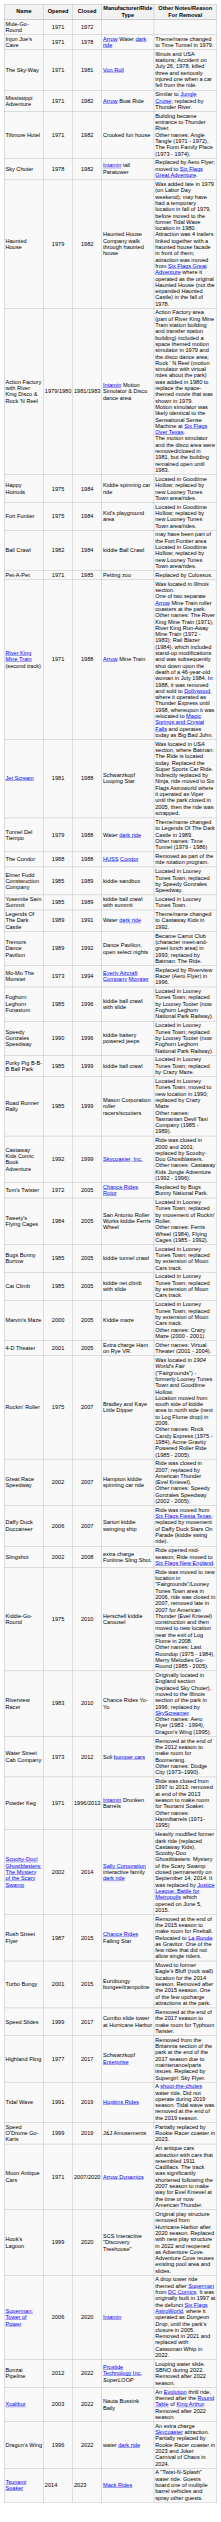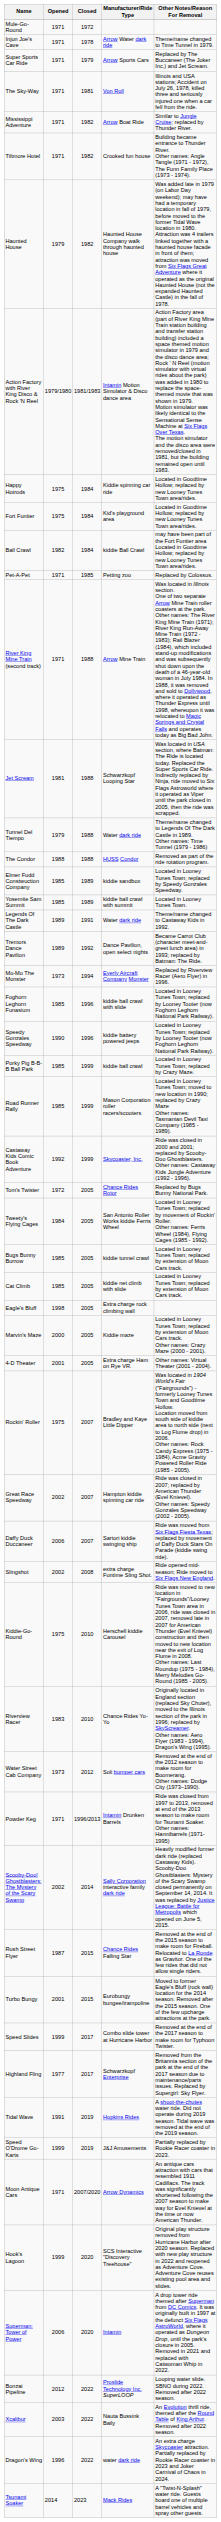 <table class='wikitable sortable'>
 <tr>
 <th>Name</th>
 <th width=50>Opened</th>
 <th width=50>Closed</th>
 <th>Manufacturer/Ride Type</th>
 <th>Other Notes/Reason For Removal</th>
 </tr>
 <tr>
 </tr>
 <tr>
 <td>Mule-Go-Round</td>
 <td align=center>1971</td>
 <td align=center>1972</td>
 <td></td>
 <td></td>
 </tr>
 <tr>
 <td>Injun Joe's Cave</td>
 <td align=center>1971</td>
 <td align=center>1978</td>
 <td><a href='#'>Arrow</a> Water <a href='#'>dark ride</a></td>
 <td>Theme/name changed to Time Tunnel in 1979.</td>
 </tr>
 <tr>
+<td>Super Sports Car Ride</td>
+<td align=center>1971</td>
+<td align=center>1979</td>
+<td><a href='#'>Arrow</a> Sports Cars</td>
+<td>Replaced by The Buccaneer (The Joker Inc.) and Jet Scream.</td>
+</tr>
+<tr>
 <td>The Sky-Way</td>
 <td align=center>1971</td>
 <td align=center>1981</td>
 <td><a href='#'>Von Roll</a></td>
 <td>Illinois and USA stations; Accident on July 26, 1978, killed three and seriously injured one when a car fell from the ride.</td>
 </tr>
 <tr>
 <td>Mississippi Adventure</td>
 <td align=center>1971</td>
 <td align=center>1982</td>
 <td><a href='#'>Arrow</a> Boat Ride</td>
 <td>Similar to <a href='#'>Jungle Cruise</a>; replaced by Thunder River.</td>
 </tr>
 <tr>
 <td>Tiltmore Hotel</td>
 <td align=center>1971</td>
 <td align=center>1982</td>
 <td>Crooked fun house</td>
 <td>Building became entrance to Thunder River.<br>Other names: Angle Tangle (1971 - 1972), The Funn Family Place (1973 - 1974).</td>
-</tr>
-<tr>
-<td>Sky Chuter</td>
-<td align=center>1978</td>
-<td align=center>1982</td>
-<td><a href='#'>Intamin</a>  tall Paratower</td>
-<td>Replaced by Aero Flyer; moved to <a href='#'>Six Flags Great Adventure</a>.</td>
 </tr>
 <tr>
 <td>Haunted House</td>
 <td align=center>1979</td>
 <td align=center>1982</td>
 <td>Haunted House Company walk through haunted house</td>
 <td>Was added late in 1979 (on Labor Day weekend); may have had a temporary location in fall of 1979, before moved to the former Tidal Wave location in 1980.<br>Attraction was 4 trailers linked together with a haunted house facade in front of them; attraction was moved from <a href='#'>Six Flags Great Adventure</a> where it operated as the original Haunted House (not the expanded Haunted Castle) in the fall of 1978.</td>
 </tr>
 <tr>
 <td>Action Factory with River King Disco & Rock 'N Reel</td>
 <td align=center>1979/1980</td>
 <td align=center>1981/1983</td>
 <td><a href='#'>Intamin</a> Motion Simulator & Disco dance area</td>
 <td>Action Factory area (part of River King Mine Train station building and transfer station building) included a space themed motion simulator in 1979 and the disco dance area; Rock ' N Reel (motion simulator with virtual rides about the park) was added in 1980 to replace the space-themed movie that was shown in 1979.<br>Motion simulator was likely identical to the Sensational Sense Machine at <a href='#'>Six Flags Over Texas</a>.<br>The motion simulator and the disco area were removed/closed in 1981, but the building remained open until 1983.</td>
 </tr>
 <tr>
 <td>Happy Hotrods</td>
 <td align=center>1975</td>
 <td align=center>1984</td>
 <td>Kiddie spinning car ride</td>
 <td>Located in Goodtime Hollow; replaced by new Looney Tunes Town area/rides.</td>
 </tr>
 <tr>
 <td>Fort Funtier</td>
 <td align=center>1975</td>
 <td align=center>1984</td>
 <td>Kid's playground area</td>
 <td>Located in Goodtime Hollow; replaced by new Looney Tunes Town area/rides.</td>
 </tr>
 <tr>
 <td>Ball Crawl</td>
 <td align=center>1982</td>
 <td align=center>1984</td>
 <td>kiddie Ball Crawl</td>
 <td>may have been part of the Fort Funtier area<br>Located in Goodtime Hollow; replaced by new Looney Tunes Town area/rides.</td>
 </tr>
 <tr>
 <td>Pet-A-Pet</td>
 <td align=center>1971</td>
 <td align=center>1985</td>
 <td>Petting zoo</td>
 <td>Replaced by Colossus.</td>
 </tr>
 <tr>
 <td><a href='#'>River King Mine Train</a> (second track)</td>
 <td align=center>1971</td>
 <td align=center>1988</td>
 <td><a href='#'>Arrow</a> Mine Train</td>
 <td>Was located in <em>Illinois</em> section.<br>One of two separate <a href='#'>Arrow</a> Mine Train roller coasters at the park.<br>Other names: The River King Mine Train (1971); River King Run-Away Mine Train (1972 - 1983); Rail Blazer (1984), which included stand-up modifications and was subsequently shut down upon the death of a 46-year-old woman in July 1984. In 1988, it was removed and sold to <a href='#'>Dollywood</a>, where it operated as Thunder Express until 1998, whereupon it was relocated to <a href='#'>Magic Springs and Crystal Falls</a> and operates today as Big Bad John.</td>
 </tr>
 <tr>
 <td><a href='#'>Jet Scream</a></td>
 <td align=center>1981</td>
 <td align=center>1988</td>
 <td>Schwarzkopf Looping Star</td>
 <td>Was located in <em>USA</em> section, where Batman: The Ride is located today. Replaced the Super Sports Car Ride. Indirectly replaced by Ninja, ride moved to Six Flags Astroworld where it operated as Viper until the park closed in 2005, then the ride was scrapped.</td>
 </tr>
 <tr>
 <td>Tunnel Del Tiempo</td>
 <td align=center>1979</td>
 <td align=center>1988</td>
 <td>Water <a href='#'>dark ride</a></td>
 <td>Theme/name changed to Legends Of The Dark Castle in 1989.<br>Other names: Time Tunnel (1979 - 1986)</td>
 </tr>
 <tr>
 <td>The Condor</td>
 <td align=center>1988</td>
 <td align=center>1988</td>
 <td><a href='#'>HUSS</a> <a href='#'>Condor</a></td>
 <td>Removed as part of the ride rotation program.</td>
 </tr>
 <tr>
 <td>Elmer Fudd Constwuction Company</td>
 <td align=center>1985</td>
 <td align=center>1989</td>
 <td>kiddie sandbox</td>
 <td>Located in Looney Tunes Town; replaced by Speedy Gonzales Speedway.</td>
 </tr>
 <tr>
 <td>Yosemite Sam Summit</td>
 <td align=center>1985</td>
 <td align=center>1989</td>
 <td>kiddie ball crawl with summit</td>
 <td>Located in Looney Tunes Town.</td>
 </tr>
 <tr>
 <td>Legends Of The Dark Castle</td>
 <td align=center>1989</td>
 <td align=center>1991</td>
 <td>Water <a href='#'>dark ride</a></td>
 <td>Theme/name changed to Castaway Kids in 1992.</td>
 </tr>
 <tr>
 <td>Tremors Dance Pavilion</td>
 <td align=center>1989</td>
 <td align=center>1992</td>
 <td>Dance Pavilion, open select nights</td>
 <td>Became Carrot Club (character meet-and-greet lunch area) in 1993; replaced by Batman: The Ride.</td>
 </tr>
 <tr>
 <td>Mo-Mo The Monster</td>
 <td align=center>1973</td>
 <td align=center>1994</td>
 <td><a href='#'>Eyerly Aircraft Company</a> <a href='#'>Monster</a></td>
 <td>Replaced by Riverview Racer (Aero Flyer) in 1996.</td>
 </tr>
 <tr>
 <td>Foghorn Leghorn Funasium</td>
 <td align=center>1985</td>
 <td align=center>1996</td>
 <td>kiddie ball crawl with slide</td>
 <td>Located in Looney Tunes Town; replaced by Looney Tooter (now Foghorn Leghorn National Park Railway).</td>
 </tr>
 <tr>
 <td>Speedy Gonzales Speedway</td>
 <td align=center>1990</td>
 <td align=center>1996</td>
 <td>kiddie battery powered jeeps</td>
 <td>Located in Looney Tunes Town; replaced by Looney Tooter (now Foghorn Leghorn National Park Railway).</td>
 </tr>
 <tr>
 <td>Porky Pig B-B-B Ball Park</td>
 <td align=center>1985</td>
 <td align=center>1999</td>
 <td>kiddie ball crawl</td>
 <td>Located in Looney Tunes Town; replaced by Crazy Maze.</td>
 </tr>
 <tr>
 <td>Road Runner Rally</td>
 <td align=center>1985</td>
 <td align=center>1999</td>
 <td>Mason Corporation roller racers/scooters</td>
 <td>Located in Looney Tunes Town; moved to new location in 1990; replaced by Crazy Maze<br>Other names: Tasmanian Devil Taxi Company (1985 - 1989).</td>
 </tr>
 <tr>
 <td>Castaway Kids Comic Book Adventure</td>
 <td align=center>1992</td>
 <td align=center>1999</td>
 <td><a href='#'>Skycoaster, Inc.</a></td>
 <td>Ride was closed in 2000 and 2001; replaced by Scooby-Doo Ghostblasters.<br>Other names: Castaway Kids Jungle Adventure (1992 - 1996).</td>
 </tr>
 <tr>
 <td>Tom's Twister</td>
 <td align=center>1972</td>
 <td align=center>2005</td>
 <td><a href='#'>Chance Rides</a> <a href='#'>Rotor</a></td>
 <td>Replaced by Bugs Bunny National Park.</td>
 </tr>
 <tr>
 <td>Tweety's Flying Cages</td>
 <td align=center>1984</td>
 <td align=center>2005</td>
 <td>San Antonio Roller Works kiddie Ferris Wheel</td>
 <td>Located in Looney Tunes Town; replaced by movement of Rockin' Roller.<br>Other names: Ferris Wheel (1984), Flying Cages (1985 - 1992).</td>
 </tr>
 <tr>
 <td>Bugs Bunny Burrow</td>
 <td align=center>1985</td>
 <td align=center>2005</td>
 <td>kiddie tunnel crawl</td>
 <td>Located in Looney Tunes Town; replaced by extension of Moon Cars track.</td>
 </tr>
 <tr>
 <td>Cat Climb</td>
 <td align=center>1985</td>
 <td align=center>2005</td>
 <td>kiddie net climb with slide</td>
 <td>Located in Looney Tunes Town; replaced by extension of Moon Cars track.</td>
 </tr>
 <tr>
+<td>Eagle's Bluff</td>
+<td align=center>1998</td>
+<td align=center>2005</td>
+<td>Extra charge rock climbing wall</td>
+<td></td>
+</tr>
+<tr>
 <td>Marvin's Maze</td>
 <td align=center>2000</td>
 <td align=center>2005</td>
 <td>Kiddie maze</td>
 <td>Located in Looney Tunes Town; replaced by extension of Moon Cars track.<br>Other names: Crazy Maze (2000 - 2001).</td>
 </tr>
 <tr>
 <td>4-D Theater</td>
 <td align=center>2001</td>
 <td align=center>2005</td>
 <td>Extra charge Ham on Rye VR.</td>
 <td>Other names: Virtual Theater (2001 - 2004).</td>
 </tr>
 <tr>
 <td>Rockin' Roller</td>
 <td align=center>1975</td>
 <td align=center>2007</td>
 <td>Bradley and Kaye Little Dipper</td>
 <td>Was located in <em>1904 World's Fair</em> ("Fairgrounds") - formerly Looney Tunes Town and Goodtime Hollow.<br>Location moved from south side of kiddie area to north side (next to Log Flume drop) in 2006.<br>Other names: Rock Candy Express (1975 - 1984), Acme Gravity Powered Roller Ride (1985 - 2005).</td>
 </tr>
 <tr>
 <td>Great Race Speedway</td>
 <td align=center>2002</td>
 <td align=center>2007</td>
 <td>Hampton kiddie spinning car ride</td>
 <td>Ride was closed in 2007; replaced by American Thunder (Evel Knievel).<br>Other names: Speedy Gonzales Speedway (2002 - 2005).</td>
 </tr>
 <tr>
 <td>Daffy Duck Duccaneer</td>
 <td align=center>2006</td>
 <td align=center>2007</td>
 <td>Sartori kiddie swinging ship</td>
 <td>Ride was moved from <a href='#'>Six Flags Fiesta Texas</a>; replaced by movement of Daffy Duck Stars On Parade (kiddie swing ride).</td>
 </tr>
 <tr>
 <td>Slingshot</td>
 <td align=center>2002</td>
 <td align=center>2008</td>
 <td>extra charge Funtime Sling Shot.</td>
 <td>Ride opened mid-season; Ride moved to <a href='#'>Six Flags New England</a>.</td>
 </tr>
 <tr>
 <td>Kiddie-Go-Round</td>
 <td align=center>1975</td>
 <td align=center>2010</td>
 <td>Herschell kiddie Carousel</td>
 <td>Ride was moved to new location in "Fairgrounds"/Looney Tunes Town area in 2006, ride was closed in 2007, removed late in 2007 for American Thunder (Evel Knievel) construction and then moved to new location near the exit of Log Flume in 2008.<br>Other names: Last Roundup (1975 - 1984), Merry Melodies Go-Round (1985 - 2005).</td>
 </tr>
 <tr>
 <td>Riverview Racer</td>
 <td align=center>1983</td>
 <td align=center>2010</td>
 <td>Chance Rides Yo-Yo</td>
 <td>Originally located in England section (replaced Sky Chuter), moved to the Illinois section of the park in 1996; replaced by <a href='#'>SkyScreamer</a>.<br>Other names: Aero Flyer (1983 - 1994), Dragon's Wing (1995).</td>
 </tr>
 <tr>
 <td>Water Street Cab Company</td>
 <td align=center>1973</td>
 <td align=center>2012</td>
 <td>Soli <a href='#'>bumper cars</a></td>
 <td>Removed at the end of the 2012 season to make room for Boomerang.<br>Other names: Dodge City (1973–1990).</td>
 </tr>
 <tr>
 <td>Powder Keg</td>
 <td align=center>1971</td>
 <td align=center>1996/2013</td>
 <td><a href='#'>Intamin</a> Drunken Barrels</td>
 <td>Ride was closed from 1997 to 2013, removed at end of the 2013 season to make room for Tsunami Soaker.<br>Other names: Hannibarrels (1971-1995)</td>
 </tr>
 <tr>
 <td><a href='#'>Scooby-Doo! Ghostblasters: The Mystery of the Scary Swamp</a></td>
 <td align=center>2002</td>
 <td align=center>2014</td>
 <td><a href='#'>Sally Corporation</a> interactive family <a href='#'>dark ride</a></td>
 <td>Heavily modified former dark ride (replaced Castaway Kids). Scooby-Doo Ghostblasters: Mystery of the Scary Swamp closed permanently on September 14, 2014. It was replaced by <a href='#'>Justice League: Battle for Metropolis</a> which opened on June 5, 2015.</td>
 </tr>
 <tr>
 <td>Rush Street Flyer</td>
 <td align=center>1987</td>
 <td align=center>2015</td>
 <td><a href='#'>Chance Rides</a> Falling Star</td>
 <td>Removed at the end of the 2015 season to make room for Fireball. Relocated to <a href='#'>La Ronde</a> as Gravitor. One of the few rides that did not allow single riders.</td>
 </tr>
 <tr>
 <td>Turbo Bungy</td>
 <td align=center>2001</td>
 <td align=center>2015</td>
 <td>Eurobungy bungee/trampoline</td>
 <td>Moved to former Eagle's Bluff (rock wall) location for the 2014 season. Removed after the 2015 season. One of the few upcharge attractions at the park.</td>
 </tr>
 <tr>
 <td>Speed Slides</td>
 <td align=center>1999</td>
 <td align=center>2017</td>
 <td>Combo slide tower at Hurricane Harbor</td>
 <td>Removed at the end of the 2017 season to make room for Typhoon Twister.</td>
 </tr>
 <tr>
 <td>Highland Fling</td>
 <td align=center>1977</td>
 <td align=center>2017</td>
 <td>Schwarzkopf <a href='#'>Enterprise</a></td>
 <td>Removed from the Britannia section of the park at the end of the 2017 season due to maintenance/parts issues. Replaced by Supergirl: Sky Flyer.</td>
 </tr>
 <tr>
 <td>Tidal Wave</td>
 <td align=center>1991</td>
 <td align=center>2019</td>
 <td><a href='#'>Hopkins Rides</a></td>
 <td>A <a href='#'>shoot-the-chutes</a> water ride.  Did not operate during 2019 season.  Tidal wave was removed at the end of the 2019 season.</td>
 </tr>
 <tr>
 <td>Speed O'Drome Go-Karts</td>
 <td align=center>1999</td>
 <td align=center>2019</td>
 <td>J&J Amusements</td>
 <td>Partially replaced by Rookie Racer coaster in 2023.</td>
 </tr>
 <tr>
 <td>Moon Antique Cars</td>
 <td align=center>1971</td>
 <td align=center>2007/2020</td>
 <td><a href='#'>Arrow Dynamics</a></td>
 <td>An antique cars attraction with cars that resembled 1911 Cadillacs. The track was significantly shortened following the 2007 season to make way for Evel Knievel at the time or now American Thunder.</td>
 </tr>
 <tr>
 <td>Hook's Lagoon</td>
 <td align=center>1999</td>
 <td align=center>2020</td>
 <td>SCS Interactive "Discovery Treehouse"</td>
 <td>Original play structure removed from Hurricane Harbor after 2020 season.  Replaced with new play structure in 2022 and reopened as Adventure Cove.  Adventure Cove reuses existing pool area and slides.</td>
 </tr>
 <tr>
 <td><a href='#'>Superman: Tower of Power</a></td>
 <td align=center>2006</td>
 <td align=center>2020</td>
 <td><a href='#'>Intamin</a></td>
 <td>A drop tower ride themed after <a href='#'>Superman</a> from <a href='#'>DC Comics</a>. It was originally built in 1997 at the defunct <a href='#'>Six Flags AstroWorld</a>, where it operated as <em>Dungeon Drop</em>, until the park's closure in 2005.  Removed in 2021 and replaced with Catwoman Whip in 2022.</td>
 </tr>
 <tr>
 <td>Bonzai Pipeline</td>
 <td align=center>2012</td>
 <td align=center>2022</td>
 <td><a href='#'>Proslide Technology Inc.</a> <em>SuperLOOP</em></td>
 <td>Looping water slide.  SBNO during 2022.  Removed after 2022 season.</td>
 </tr>
 <tr>
 <td><a href='#'>Xcalibur</a></td>
 <td align=center>2003</td>
 <td align=center>2022</td>
 <td>Nauta Bussink Baily</td>
 <td>An <a href='#'>Evolution</a> thrill ride, themed after the <a href='#'>Round Table</a> of <a href='#'>King Arthur</a>. Removed after 2022 season.</td>
 </tr>
 <tr>
 <td>Dragon's Wing</td>
 <td align=center>1996</td>
 <td align=center>2022</td>
 <td>water <a href='#'>dark ride</a></td>
 <td>An extra charge <a href='#'>Skycoaster</a> attraction. Partially replaced by Rookie Racer coaster in 2023 and Joker Carnival of Chaos in 2024.</td>
 </tr>
 <tr>
 <td><a href='#'>Tsunami Soaker</a></td>
 <td>2014</td>
 <td>2023</td>
 <td><a href='#'>Mack Rides</a></td>
 <td>A "Twist-N-Splash" water ride. Guests board one of multiple barrel vehicles and spray other guests.</td>
 </tr>
 </table>
